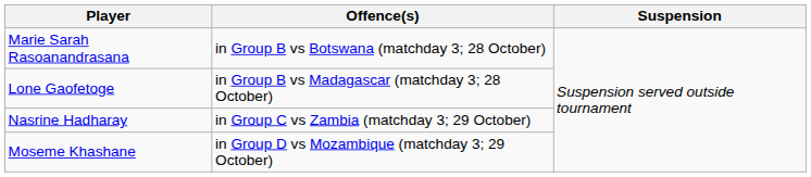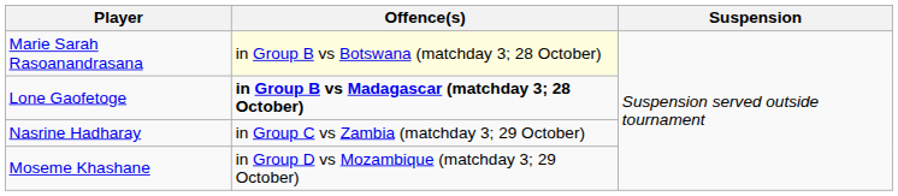 <table class="wikitable sortable plainrowheaders">
 <tr>
 <th>Player</th>
 <th>Offence(s)</th>
 <th>Suspension</th>
 </tr>
 <tr>
 <td> <a href='#'>Marie Sarah Rasoanandrasana</a></td>
-<td> in <a href='#'>Group B</a> vs <a href='#'>Botswana</a> (matchday 3; 28 October)</td>
+<td style="background: lightyellow;"> in <a href='#'>Group B</a> vs <a href='#'>Botswana</a> (matchday 3; 28 October)</td>
 <td rowspan=4><em>Suspension served outside tournament</em></td>
 </tr>
 <tr>
 <td> <a href='#'>Lone Gaofetoge</a></td>
-<td> in <a href='#'>Group B</a> vs <a href='#'>Madagascar</a> (matchday 3; 28 October)</td>
+<td><strong> in <a href='#'>Group B</a> vs <a href='#'>Madagascar</a> (matchday 3; 28 October)</strong></td>
 </tr>
 <tr>
 <td> <a href='#'>Nasrine Hadharay</a></td>
 <td> in <a href='#'>Group C</a> vs <a href='#'>Zambia</a> (matchday 3; 29 October)</td>
 </tr>
 <tr>
 <td> <a href='#'>Moseme Khashane</a></td>
 <td> in <a href='#'>Group D</a> vs <a href='#'>Mozambique</a> (matchday 3; 29 October)</td>
 </tr>
 </table>
